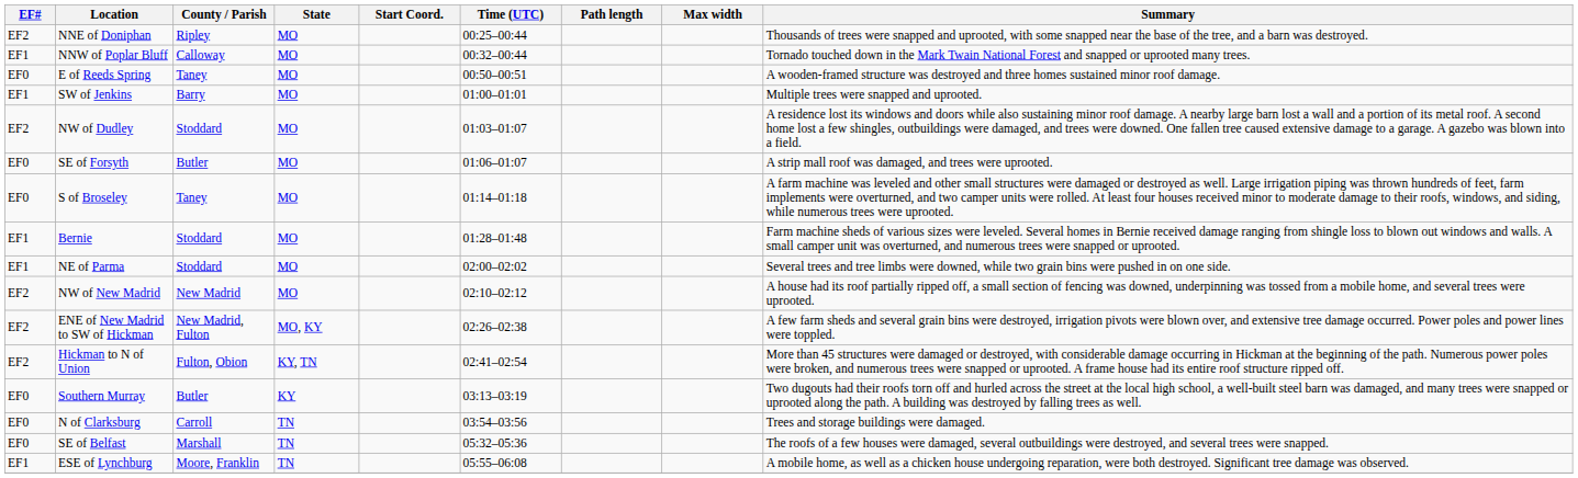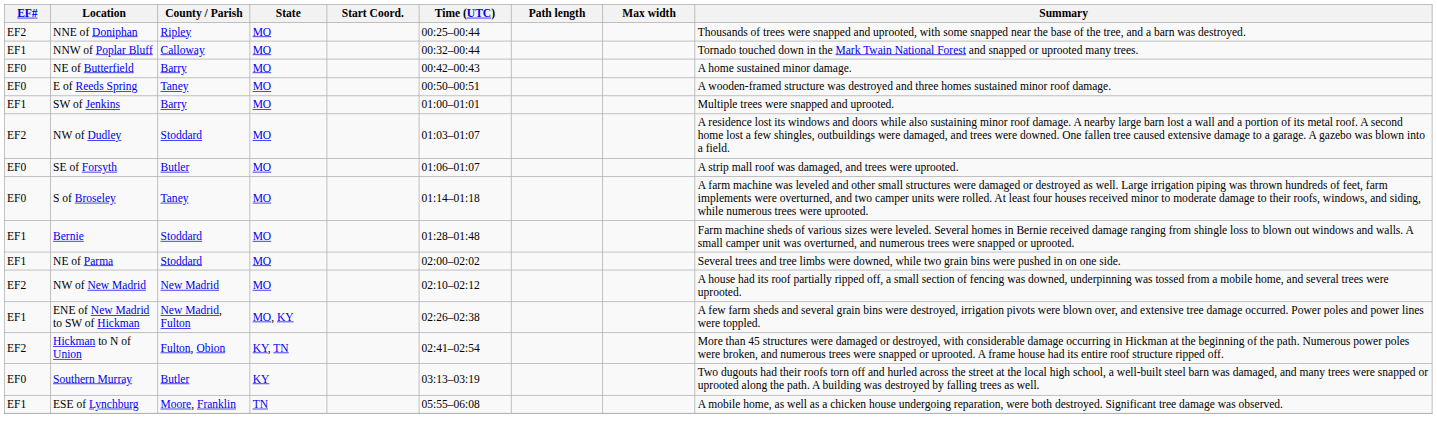 <table class="wikitable sortable" style="width:100%;">
 <tr>
 <th scope="col" style="width:3%; text-align:center;"><a href='#'>EF#</a></th>
 <th scope="col" style="width:7%; text-align:center;" class="unsortable">Location</th>
 <th scope="col" style="width:6%; text-align:center;" class="unsortable">County / Parish</th>
 <th scope="col" style="width:5%; text-align:center;">State</th>
 <th scope="col" style="width:6%; text-align:center;">Start Coord.</th>
 <th scope="col" style="width:6%; text-align:center;">Time (<a href='#'>UTC</a>)</th>
 <th scope="col" style="width:6%; text-align:center;">Path length</th>
 <th scope="col" style="width:6%; text-align:center;">Max width</th>
 <th scope="col" class="unsortable" style="width:48%; text-align:center;">Summary</th>
 </tr>
 <tr>
 <td>EF2</td>
 <td>NNE of <a href='#'>Doniphan</a></td>
 <td><a href='#'>Ripley</a></td>
 <td><a href='#'>MO</a></td>
 <td></td>
 <td>00:25–00:44</td>
 <td></td>
 <td></td>
 <td>Thousands of trees were snapped and uprooted, with some snapped near the base of the tree, and a barn was destroyed.</td>
 </tr>
 <tr>
 <td>EF1</td>
 <td>NNW of <a href='#'>Poplar Bluff</a></td>
 <td><a href='#'>Calloway</a></td>
 <td><a href='#'>MO</a></td>
 <td></td>
 <td>00:32–00:44</td>
 <td></td>
 <td></td>
 <td>Tornado touched down in the <a href='#'>Mark Twain National Forest</a> and snapped or uprooted many trees.</td>
+</tr>
+<tr>
+<td>EF0</td>
+<td>NE of <a href='#'>Butterfield</a></td>
+<td><a href='#'>Barry</a></td>
+<td><a href='#'>MO</a></td>
+<td></td>
+<td>00:42–00:43</td>
+<td></td>
+<td></td>
+<td>A home sustained minor damage.</td>
 </tr>
 <tr>
 <td>EF0</td>
 <td>E of <a href='#'>Reeds Spring</a></td>
 <td><a href='#'>Taney</a></td>
 <td><a href='#'>MO</a></td>
 <td></td>
 <td>00:50–00:51</td>
 <td></td>
 <td></td>
 <td>A wooden-framed structure was destroyed and three homes sustained minor roof damage.</td>
 </tr>
 <tr>
 <td>EF1</td>
 <td>SW of <a href='#'>Jenkins</a></td>
 <td><a href='#'>Barry</a></td>
 <td><a href='#'>MO</a></td>
 <td></td>
 <td>01:00–01:01</td>
 <td></td>
 <td></td>
 <td>Multiple trees were snapped and uprooted.</td>
 </tr>
 <tr>
 <td>EF2</td>
 <td>NW of <a href='#'>Dudley</a></td>
 <td><a href='#'>Stoddard</a></td>
 <td><a href='#'>MO</a></td>
 <td></td>
 <td>01:03–01:07</td>
 <td></td>
 <td></td>
 <td>A residence lost its windows and doors while also sustaining minor roof damage. A nearby large barn lost a wall and a portion of its metal roof. A second home lost a few shingles, outbuildings were damaged, and trees were downed. One fallen tree caused extensive damage to a garage. A gazebo was blown  into a field.</td>
 </tr>
 <tr>
 <td>EF0</td>
 <td>SE of <a href='#'>Forsyth</a></td>
 <td><a href='#'>Butler</a></td>
 <td><a href='#'>MO</a></td>
 <td></td>
 <td>01:06–01:07</td>
 <td></td>
 <td></td>
 <td>A strip mall roof was damaged, and trees were uprooted.</td>
 </tr>
 <tr>
 <td>EF0</td>
 <td>S of <a href='#'>Broseley</a></td>
 <td><a href='#'>Taney</a></td>
 <td><a href='#'>MO</a></td>
 <td></td>
 <td>01:14–01:18</td>
 <td></td>
 <td></td>
 <td>A farm machine was leveled and other small structures were damaged or destroyed as well. Large irrigation piping was thrown hundreds of feet, farm implements were overturned, and two camper units were rolled. At least four houses received minor to moderate damage to their roofs, windows, and siding, while numerous trees were uprooted.</td>
 </tr>
 <tr>
 <td>EF1</td>
 <td><a href='#'>Bernie</a></td>
 <td><a href='#'>Stoddard</a></td>
 <td><a href='#'>MO</a></td>
 <td></td>
 <td>01:28–01:48</td>
 <td></td>
 <td></td>
 <td>Farm machine sheds of various sizes were leveled. Several homes in Bernie received damage ranging from shingle loss to blown out windows and walls. A small camper unit was overturned, and numerous trees were snapped or uprooted.</td>
 </tr>
 <tr>
 <td>EF1</td>
 <td>NE of <a href='#'>Parma</a></td>
 <td><a href='#'>Stoddard</a></td>
 <td><a href='#'>MO</a></td>
 <td></td>
 <td>02:00–02:02</td>
 <td></td>
 <td></td>
 <td>Several trees and tree limbs were downed, while two grain bins were pushed in on one side.</td>
 </tr>
 <tr>
 <td>EF2</td>
 <td>NW of <a href='#'>New Madrid</a></td>
 <td><a href='#'>New Madrid</a></td>
 <td><a href='#'>MO</a></td>
 <td></td>
 <td>02:10–02:12</td>
 <td></td>
 <td></td>
 <td>A house had its roof partially ripped off, a small section of fencing was downed, underpinning was tossed from a mobile home, and several trees were uprooted.</td>
 </tr>
 <tr>
-<td>EF2</td>
+<td>EF1</td>
 <td>ENE of <a href='#'>New Madrid</a> to SW of <a href='#'>Hickman</a></td>
 <td><a href='#'>New Madrid</a>, <a href='#'>Fulton</a></td>
 <td><a href='#'>MO</a>, <a href='#'>KY</a></td>
 <td></td>
 <td>02:26–02:38</td>
 <td></td>
 <td></td>
 <td>A few farm sheds and several grain bins were destroyed, irrigation pivots were blown over, and extensive tree damage occurred. Power poles and power lines were toppled.</td>
 </tr>
 <tr>
 <td>EF2</td>
 <td><a href='#'>Hickman</a> to N of <a href='#'>Union</a></td>
 <td><a href='#'>Fulton</a>, <a href='#'>Obion</a></td>
 <td><a href='#'>KY</a>, <a href='#'>TN</a></td>
 <td></td>
 <td>02:41–02:54</td>
 <td></td>
 <td></td>
 <td>More than 45 structures were damaged or destroyed, with considerable damage occurring in Hickman at the beginning of the path. Numerous power poles were broken, and numerous trees were snapped or uprooted. A frame house had its entire roof structure ripped off.</td>
 </tr>
 <tr>
 <td>EF0</td>
 <td><a href='#'>Southern Murray</a></td>
 <td><a href='#'>Butler</a></td>
 <td><a href='#'>KY</a></td>
 <td></td>
 <td>03:13–03:19</td>
 <td></td>
 <td></td>
 <td>Two dugouts had their roofs torn off and hurled across the street at the local high school, a well-built steel barn was damaged, and many trees were snapped or uprooted along the path. A building was destroyed by falling trees as well.</td>
 </tr>
 <tr>
-<td>EF0</td>
-<td>N of <a href='#'>Clarksburg</a></td>
-<td><a href='#'>Carroll</a></td>
-<td><a href='#'>TN</a></td>
-<td></td>
-<td>03:54–03:56</td>
-<td></td>
-<td></td>
-<td>Trees and storage buildings were damaged.</td>
-</tr>
-<tr>
-<td>EF0</td>
-<td>SE of <a href='#'>Belfast</a></td>
-<td><a href='#'>Marshall</a></td>
-<td><a href='#'>TN</a></td>
-<td></td>
-<td>05:32–05:36</td>
-<td></td>
-<td></td>
-<td>The roofs of a few houses were damaged, several outbuildings were destroyed, and several trees were snapped.</td>
-</tr>
-<tr>
 <td>EF1</td>
 <td>ESE of <a href='#'>Lynchburg</a></td>
 <td><a href='#'>Moore</a>, <a href='#'>Franklin</a></td>
 <td><a href='#'>TN</a></td>
 <td></td>
 <td>05:55–06:08</td>
 <td></td>
 <td></td>
 <td>A mobile home, as well as a chicken house undergoing reparation, were both destroyed. Significant tree damage was observed.</td>
 </tr>
 <tr>
 </tr>
 </table>
